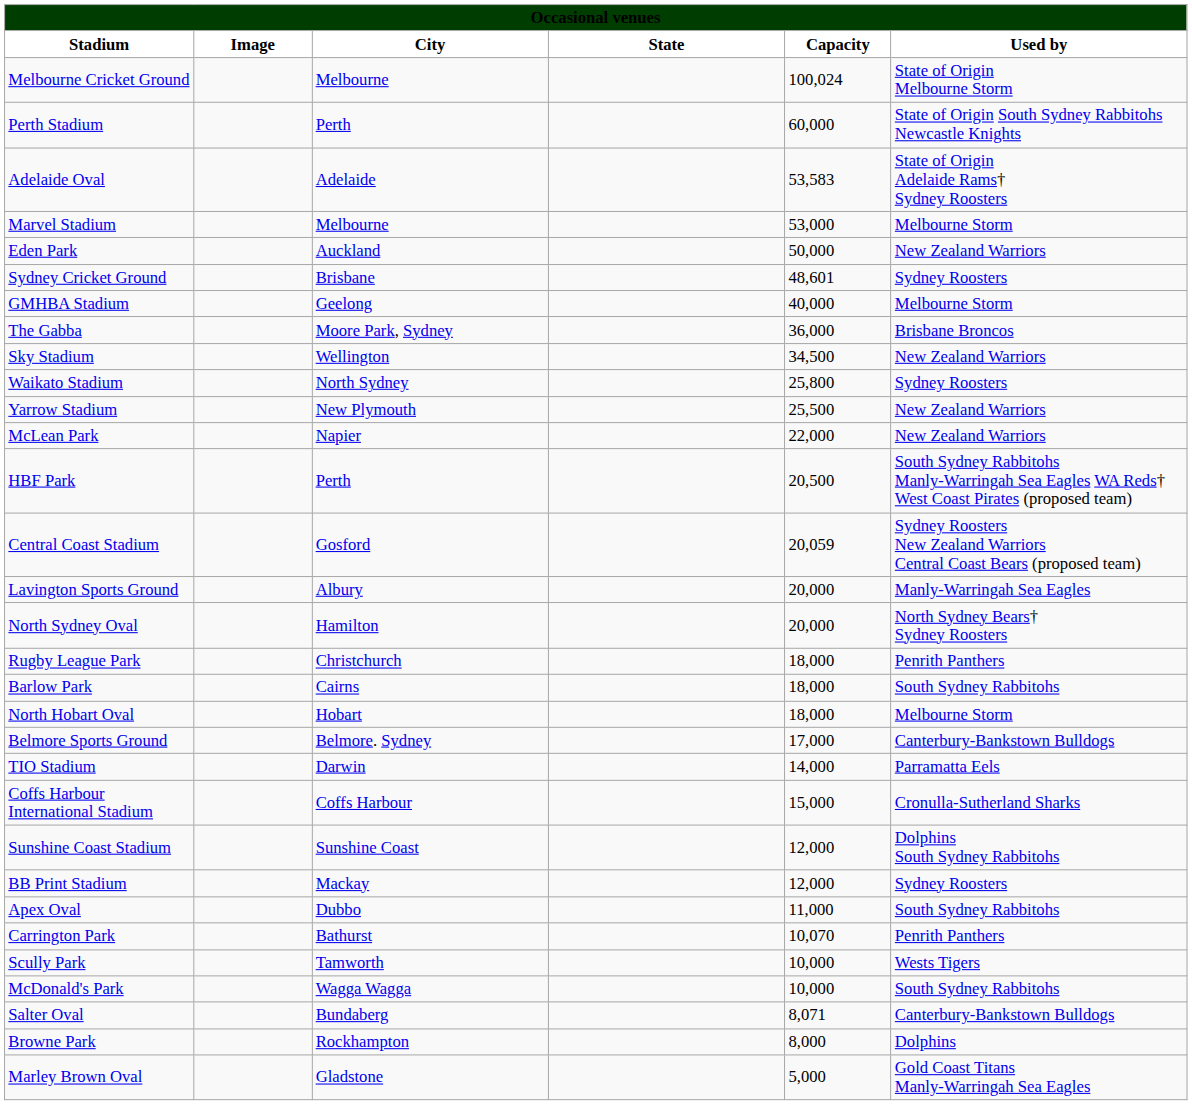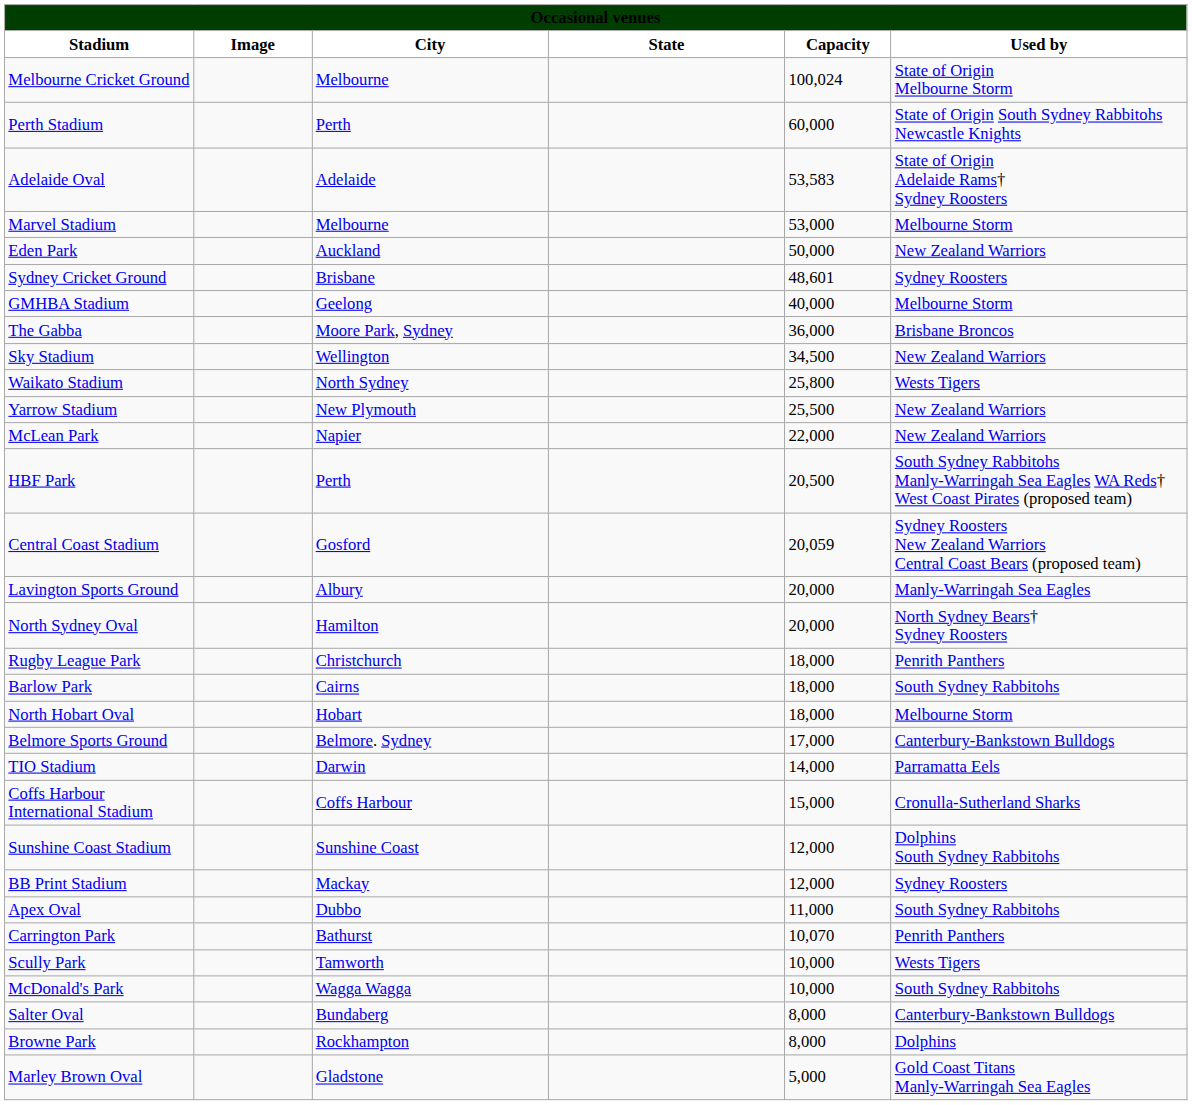 <table class="wikitable" style="width: 90%">
 <tr>
 <td colspan="7" style="background:#003d01; text-align:center;"><strong><span>Occasional venues</span></strong></td>
 </tr>
 <tr>
 <th style="background:white; width:16%">Stadium</th>
 <th style="background:white; width:10%">Image</th>
 <th style="background:white; width:20%">City</th>
 <th style="background:white; width:20%">State</th>
 <th style="background:white; width:9%">Capacity</th>
 <th style="background:white; width:25%">Used by</th>
 </tr>
 <tr>
 <td><a href='#'>Melbourne Cricket Ground</a></td>
 <td></td>
 <td><a href='#'>Melbourne</a></td>
 <td></td>
 <td>100,024</td>
 <td><a href='#'>State of Origin</a><br> <a href='#'>Melbourne Storm</a></td>
 </tr>
 <tr>
 <td><a href='#'>Perth Stadium</a></td>
 <td></td>
 <td><a href='#'>Perth</a></td>
 <td></td>
 <td>60,000</td>
 <td><a href='#'>State of Origin</a> <a href='#'>South Sydney Rabbitohs</a><br> <a href='#'>Newcastle Knights</a></td>
 </tr>
 <tr>
 <td><a href='#'>Adelaide Oval</a></td>
 <td></td>
 <td><a href='#'>Adelaide</a></td>
 <td></td>
 <td>53,583</td>
 <td><a href='#'>State of Origin</a><br> <a href='#'>Adelaide Rams</a>†<br> <a href='#'>Sydney Roosters</a></td>
 </tr>
 <tr>
 <td><a href='#'>Marvel Stadium</a></td>
 <td></td>
 <td><a href='#'>Melbourne</a></td>
 <td></td>
 <td>53,000</td>
 <td> <a href='#'>Melbourne Storm</a></td>
 </tr>
 <tr>
 <td><a href='#'>Eden Park</a></td>
 <td></td>
 <td><a href='#'>Auckland</a></td>
 <td></td>
 <td>50,000</td>
 <td> <a href='#'>New Zealand Warriors</a></td>
 </tr>
 <tr>
 <td><a href='#'>Sydney Cricket Ground</a></td>
 <td></td>
 <td><a href='#'>Brisbane</a></td>
 <td></td>
 <td>48,601</td>
 <td> <a href='#'>Sydney Roosters</a></td>
 </tr>
 <tr>
 <td><a href='#'>GMHBA Stadium</a></td>
 <td></td>
 <td><a href='#'>Geelong</a></td>
 <td></td>
 <td>40,000</td>
 <td> <a href='#'>Melbourne Storm</a></td>
 </tr>
 <tr>
 <td><a href='#'>The Gabba</a></td>
 <td></td>
 <td><a href='#'>Moore Park</a>, <a href='#'>Sydney</a></td>
 <td></td>
 <td>36,000</td>
 <td> <a href='#'>Brisbane Broncos</a></td>
 </tr>
 <tr>
 <td><a href='#'>Sky Stadium</a></td>
 <td></td>
 <td><a href='#'>Wellington</a></td>
 <td></td>
 <td>34,500</td>
 <td> <a href='#'>New Zealand Warriors</a></td>
 </tr>
 <tr>
 <td><a href='#'>Waikato Stadium</a></td>
 <td></td>
 <td><a href='#'>North Sydney</a></td>
 <td></td>
 <td>25,800</td>
-<td> <a href='#'>Sydney Roosters</a></td>
+<td> <a href='#'>Wests Tigers</a></td>
 </tr>
 <tr>
 <td><a href='#'>Yarrow Stadium</a></td>
 <td></td>
 <td><a href='#'>New Plymouth</a></td>
 <td></td>
 <td>25,500</td>
 <td> <a href='#'>New Zealand Warriors</a></td>
 </tr>
 <tr>
 <td><a href='#'>McLean Park</a></td>
 <td></td>
 <td><a href='#'>Napier</a></td>
 <td></td>
 <td>22,000</td>
 <td> <a href='#'>New Zealand Warriors</a></td>
 </tr>
 <tr>
 <td><a href='#'>HBF Park</a></td>
 <td></td>
 <td><a href='#'>Perth</a></td>
 <td></td>
 <td>20,500</td>
 <td> <a href='#'>South Sydney Rabbitohs</a><br> <a href='#'>Manly-Warringah Sea Eagles</a>   <a href='#'>WA Reds</a>†<br> <a href='#'>West Coast Pirates</a> (proposed team)</td>
 </tr>
 <tr>
 <td><a href='#'>Central Coast Stadium</a></td>
 <td></td>
 <td><a href='#'>Gosford</a></td>
 <td></td>
 <td>20,059</td>
 <td> <a href='#'>Sydney Roosters</a><br> <a href='#'>New Zealand Warriors</a><br> <a href='#'>Central Coast Bears</a> (proposed team)</td>
 </tr>
 <tr>
 <td><a href='#'>Lavington Sports Ground</a></td>
 <td></td>
 <td><a href='#'>Albury</a></td>
 <td></td>
 <td>20,000</td>
 <td> <a href='#'>Manly-Warringah Sea Eagles</a></td>
 </tr>
 <tr>
 <td><a href='#'>North Sydney Oval</a></td>
 <td></td>
 <td><a href='#'>Hamilton</a></td>
 <td></td>
 <td>20,000</td>
 <td> <a href='#'>North Sydney Bears</a>†<br> <a href='#'>Sydney Roosters</a></td>
 </tr>
 <tr>
 <td><a href='#'>Rugby League Park</a></td>
 <td></td>
 <td><a href='#'>Christchurch</a></td>
 <td></td>
 <td>18,000</td>
 <td> <a href='#'>Penrith Panthers</a></td>
 </tr>
 <tr>
 <td><a href='#'>Barlow Park</a></td>
 <td></td>
 <td><a href='#'>Cairns</a></td>
 <td></td>
 <td>18,000</td>
 <td> <a href='#'>South Sydney Rabbitohs</a></td>
 </tr>
 <tr>
 <td><a href='#'>North Hobart Oval</a></td>
 <td></td>
 <td><a href='#'>Hobart</a></td>
 <td></td>
 <td>18,000</td>
 <td> <a href='#'>Melbourne Storm</a></td>
 </tr>
 <tr>
 <td><a href='#'>Belmore Sports Ground</a></td>
 <td></td>
 <td><a href='#'>Belmore</a>. <a href='#'>Sydney</a></td>
 <td></td>
 <td>17,000</td>
 <td> <a href='#'>Canterbury-Bankstown Bulldogs</a></td>
 </tr>
 <tr>
 <td><a href='#'>TIO Stadium</a></td>
 <td></td>
 <td><a href='#'>Darwin</a></td>
 <td></td>
 <td>14,000</td>
 <td> <a href='#'>Parramatta Eels</a></td>
 </tr>
 <tr>
 <td><a href='#'>Coffs Harbour International Stadium</a></td>
 <td></td>
 <td><a href='#'>Coffs Harbour</a></td>
 <td></td>
 <td>15,000</td>
 <td> <a href='#'>Cronulla-Sutherland Sharks</a></td>
 </tr>
 <tr>
 <td><a href='#'>Sunshine Coast Stadium</a></td>
 <td></td>
 <td><a href='#'>Sunshine Coast</a></td>
 <td></td>
 <td>12,000</td>
 <td> <a href='#'>Dolphins</a><br> <a href='#'>South Sydney Rabbitohs</a></td>
 </tr>
 <tr>
 <td><a href='#'>BB Print Stadium</a></td>
 <td></td>
 <td><a href='#'>Mackay</a></td>
 <td></td>
 <td>12,000</td>
 <td> <a href='#'>Sydney Roosters</a></td>
 </tr>
 <tr>
 <td><a href='#'>Apex Oval</a></td>
 <td></td>
 <td><a href='#'>Dubbo</a></td>
 <td></td>
 <td>11,000</td>
 <td> <a href='#'>South Sydney Rabbitohs</a></td>
 </tr>
 <tr>
 <td><a href='#'>Carrington Park</a></td>
 <td></td>
 <td><a href='#'>Bathurst</a></td>
 <td></td>
 <td>10,070</td>
 <td> <a href='#'>Penrith Panthers</a></td>
 </tr>
 <tr>
 <td><a href='#'>Scully Park</a></td>
 <td></td>
 <td><a href='#'>Tamworth</a></td>
 <td></td>
 <td>10,000</td>
 <td> <a href='#'>Wests Tigers</a></td>
 </tr>
 <tr>
 <td><a href='#'>McDonald's Park</a></td>
 <td></td>
 <td><a href='#'>Wagga Wagga</a></td>
 <td></td>
 <td>10,000</td>
 <td> <a href='#'>South Sydney Rabbitohs</a></td>
 </tr>
 <tr>
 <td><a href='#'>Salter Oval</a></td>
 <td></td>
 <td><a href='#'>Bundaberg</a></td>
 <td></td>
-<td>8,071</td>
+<td>8,000</td>
 <td> <a href='#'>Canterbury-Bankstown Bulldogs</a></td>
 </tr>
 <tr>
 <td><a href='#'>Browne Park</a></td>
 <td></td>
 <td><a href='#'>Rockhampton</a></td>
 <td></td>
 <td>8,000</td>
 <td> <a href='#'>Dolphins</a></td>
 </tr>
 <tr>
 <td><a href='#'>Marley Brown Oval</a></td>
 <td></td>
 <td><a href='#'>Gladstone</a></td>
 <td></td>
 <td>5,000</td>
 <td> <a href='#'>Gold Coast Titans</a><br> <a href='#'>Manly-Warringah Sea Eagles</a></td>
 </tr>
 </table>
